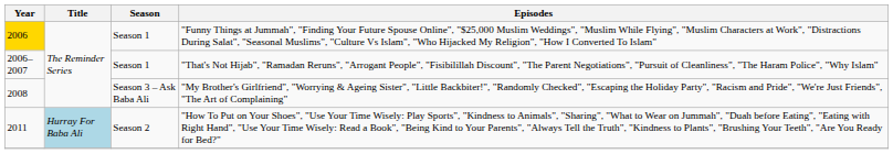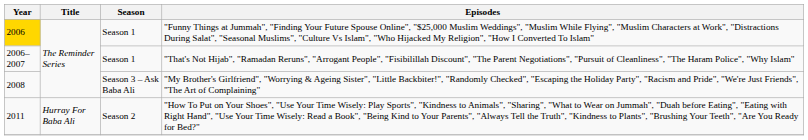 <table class="wikitable" style="font-size: 90%;">
 <tr>
 <th>Year</th>
 <th>Title</th>
 <th>Season</th>
 <th>Episodes</th>
 </tr>
 <tr>
 <td rowspan="1" style="background: gold;">2006</td>
 <td rowspan="3"><em>The Reminder Series</em></td>
 <td>Season 1</td>
 <td>"Funny Things at Jummah", "Finding Your Future Spouse Online", "$25,000 Muslim Weddings", "Muslim While Flying", "Muslim Characters at Work", "Distractions During Salat", "Seasonal Muslims", "Culture Vs Islam", "Who Hijacked My Religion", "How I Converted To Islam"</td>
 </tr>
 <tr>
 <td rowspan="1">2006–2007</td>
 <td>Season 1</td>
 <td>"That's Not Hijab", "Ramadan Reruns", "Arrogant People", "Fisibilillah Discount", "The Parent Negotiations", "Pursuit of Cleanliness", "The Haram Police", "Why Islam"</td>
 </tr>
 <tr>
 <td rowspan="1">2008</td>
 <td>Season 3 – Ask Baba Ali</td>
 <td>"My Brother's Girlfriend", "Worrying & Ageing Sister", "Little Backbiter!", "Randomly Checked", "Escaping the Holiday Party", "Racism and Pride", "We're Just Friends", "The Art of Complaining"</td>
 </tr>
 <tr>
 <td rowspan="1">2011</td>
-<td rowspan="1" style="background: lightblue;"><em>Hurray For Baba Ali</em></td>
+<td rowspan="1"><em>Hurray For Baba Ali</em></td>
 <td>Season 2</td>
 <td>"How To Put on Your Shoes", "Use Your Time Wisely: Play Sports", "Kindness to Animals", "Sharing", "What to Wear on Jummah", "Duah before Eating", "Eating with Right Hand", "Use Your Time Wisely: Read a Book", "Being Kind to Your Parents", "Always Tell the Truth", "Kindness to Plants", "Brushing Your Teeth", "Are You Ready for Bed?"</td>
 </tr>
 <tr>
 </tr>
 </table>
